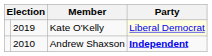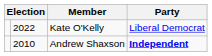 <table class="wikitable">
 <tr>
 <th colspan="2">Election</th>
 <th>Member</th>
 <th>Party</th>
 </tr>
 <tr>
 <td style="background-color: "></td>
-<td>2019</td>
+<td>2022</td>
 <td>Kate O'Kelly</td>
-<td style="background: lightyellow;"><a href='#'>Liberal Democrat</a></td>
+<td><a href='#'>Liberal Democrat</a></td>
 </tr>
 <tr>
 <td style="background-color: "></td>
 <td>2010</td>
 <td>Andrew Shaxson</td>
 <td><strong><a href='#'>Independent</a></strong></td>
 </tr>
 </table>
